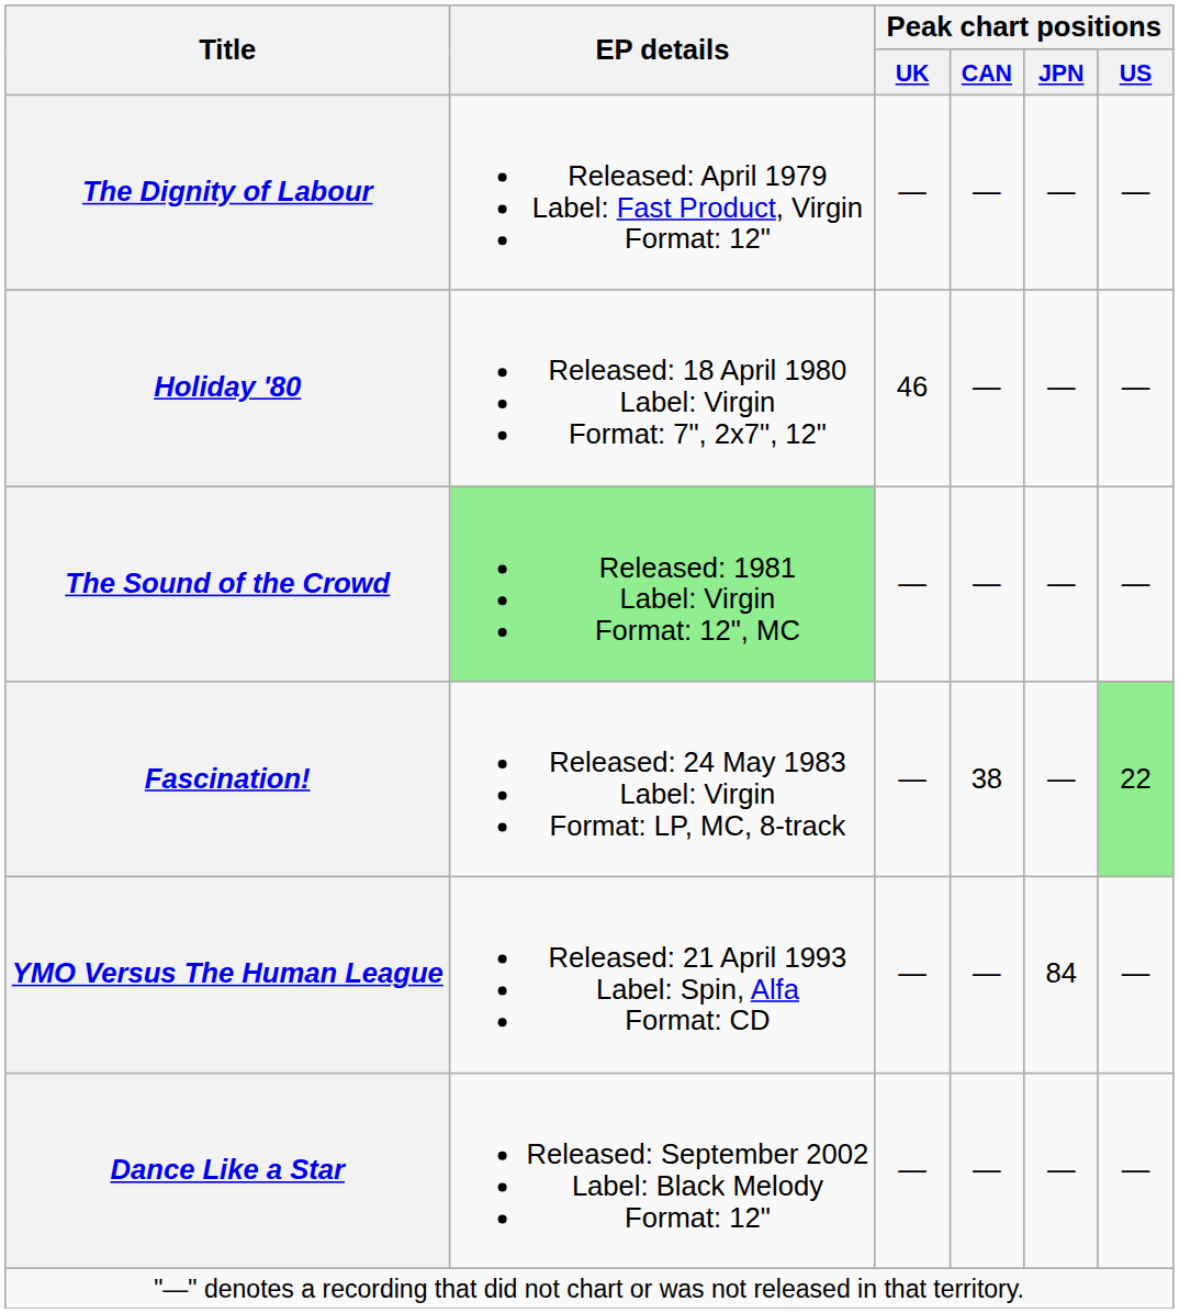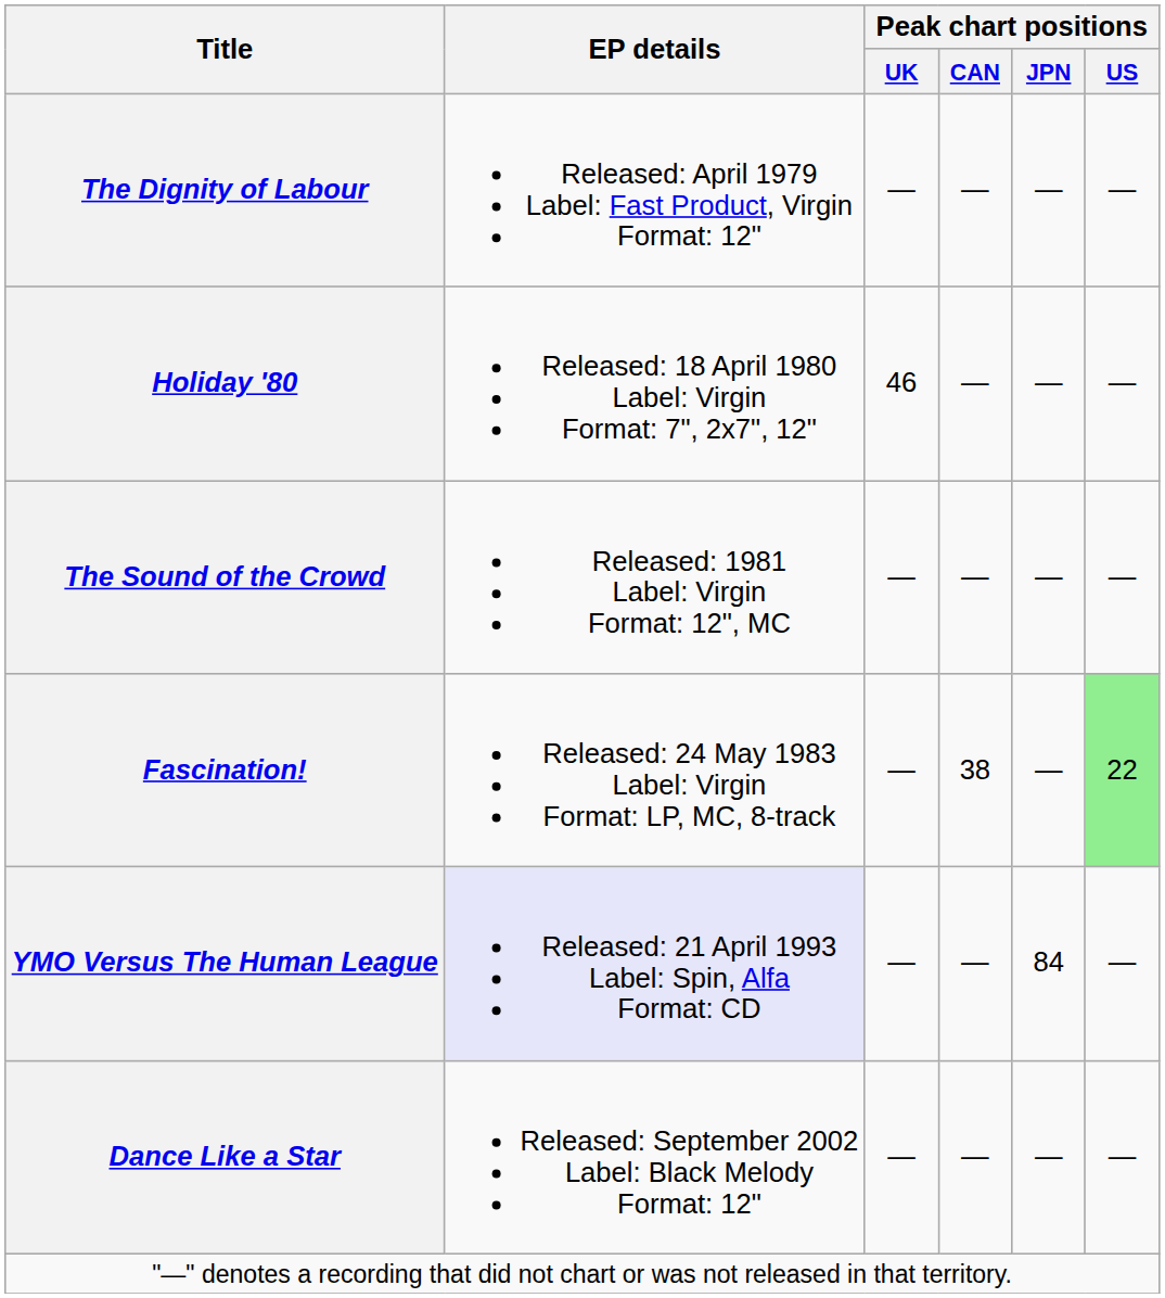 <table class="wikitable plainrowheaders" style="text-align:center;">
 <tr>
 <th rowspan="2">Title</th>
 <th rowspan="2">EP details</th>
 <th colspan="6">Peak chart positions</th>
 </tr>
 <tr>
 <th width="35"><small><a href='#'>UK</a></small><br></th>
 <th width="35"><small><a href='#'>CAN</a></small><br></th>
 <th width="35"><small><a href='#'>JPN</a></small><br></th>
 <th width="35"><small><a href='#'>US</a></small><br></th>
 </tr>
 <tr>
 <th scope="row"><em><a href='#'>The Dignity of Labour</a></em></th>
 <td><br><ul><li>Released: April 1979</li><li>Label: <a href='#'>Fast Product</a>, Virgin</li><li>Format: 12"</li></ul></td>
 <td>—</td>
 <td>—</td>
 <td>—</td>
 <td>—</td>
 </tr>
 <tr>
 <th scope="row"><em><a href='#'>Holiday '80</a></em> </th>
 <td><br><ul><li>Released: 18 April 1980</li><li>Label: Virgin</li><li>Format: 7", 2x7", 12"</li></ul></td>
 <td>46</td>
 <td>—</td>
 <td>—</td>
 <td>—</td>
 </tr>
 <tr>
 <th scope="row"><em><a href='#'>The Sound of the Crowd</a></em></th>
-<td style="background: lightgreen;"><br><ul><li>Released: 1981</li><li>Label: Virgin</li><li>Format: 12", MC</li></ul></td>
+<td><br><ul><li>Released: 1981</li><li>Label: Virgin</li><li>Format: 12", MC</li></ul></td>
 <td>—</td>
 <td>—</td>
 <td>—</td>
 <td>—</td>
 </tr>
 <tr>
 <th scope="row"><em><a href='#'>Fascination!</a></em></th>
 <td><br><ul><li>Released: 24 May 1983</li><li>Label: Virgin</li><li>Format: LP, MC, 8-track</li></ul></td>
 <td>—</td>
 <td>38</td>
 <td>—</td>
 <td style="background: lightgreen;">22</td>
 </tr>
 <tr>
 <th scope="row"><em><a href='#'>YMO Versus The Human League</a></em> </th>
-<td><br><ul><li>Released: 21 April 1993</li><li>Label: Spin, <a href='#'>Alfa</a></li><li>Format: CD</li></ul></td>
+<td style="background: lavender;"><br><ul><li>Released: 21 April 1993</li><li>Label: Spin, <a href='#'>Alfa</a></li><li>Format: CD</li></ul></td>
 <td>—</td>
 <td>—</td>
 <td>84</td>
 <td>—</td>
 </tr>
 <tr>
 <th scope="row"><em><a href='#'>Dance Like a Star</a></em></th>
 <td><br><ul><li>Released: September 2002</li><li>Label: Black Melody</li><li>Format: 12"</li></ul></td>
 <td>—</td>
 <td>—</td>
 <td>—</td>
 <td>—</td>
 </tr>
 <tr>
 <td colspan="12" style="font-size:90%">"—" denotes a recording that did not chart or was not released in that territory.</td>
 </tr>
 </table>
